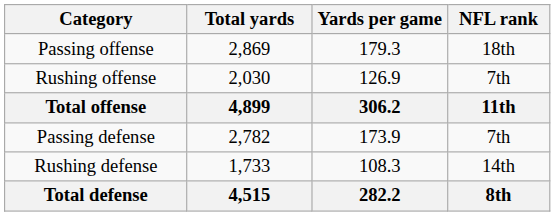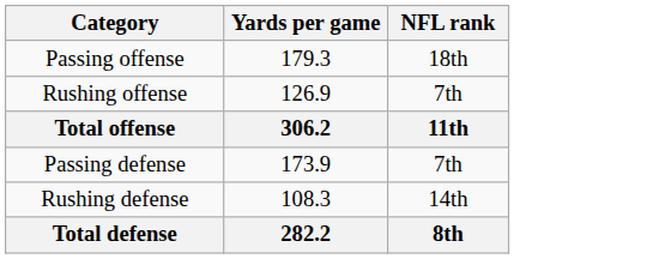 <table class="wikitable" style="text-align:center">
 <tr>
 <th width=150px>Category</th>
-<th width=100px>Total yards</th>
 <th width=110px>Yards per game</th>
 <th width=80px>NFL rank<br></th>
 </tr>
 <tr>
 <td>Passing offense</td>
-<td>2,869</td>
 <td>179.3</td>
 <td>18th</td>
 </tr>
 <tr>
 <td>Rushing offense</td>
-<td>2,030</td>
 <td>126.9</td>
 <td>7th</td>
 </tr>
 <tr>
 <th>Total offense</th>
-<th>4,899</th>
 <th>306.2</th>
 <th>11th</th>
 </tr>
 <tr>
 <td>Passing defense</td>
-<td>2,782</td>
 <td>173.9</td>
 <td>7th</td>
 </tr>
 <tr>
 <td>Rushing defense</td>
-<td>1,733</td>
 <td>108.3</td>
 <td>14th</td>
 </tr>
 <tr>
 <th>Total defense</th>
-<th>4,515</th>
 <th>282.2</th>
 <th>8th</th>
 </tr>
 </table>
